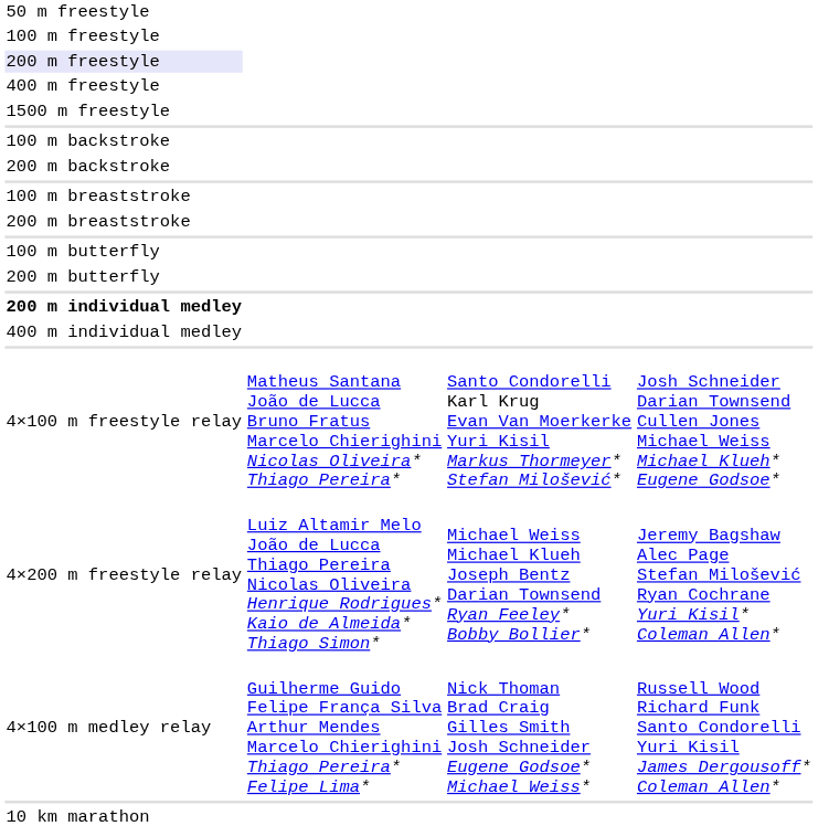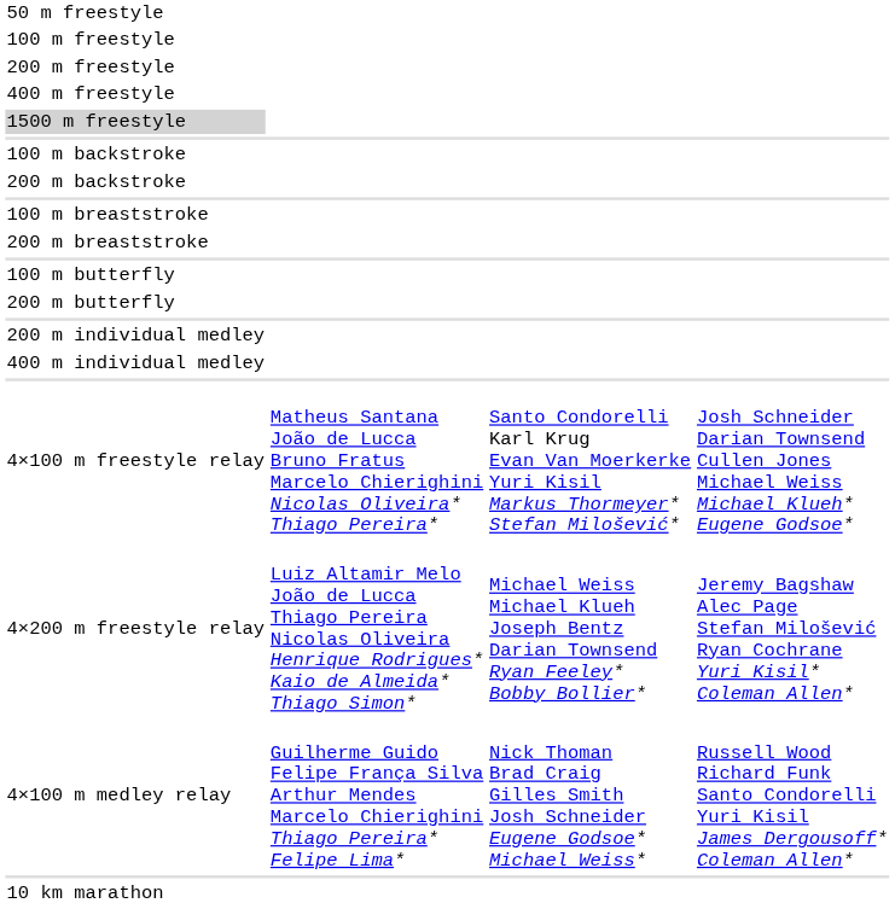 <table>
 <tr>
 <td>50 m freestyle <br></td>
 <td></td>
 <td></td>
 <td></td>
 </tr>
 <tr>
 <td>100 m freestyle <br></td>
 <td></td>
 <td></td>
 <td></td>
 </tr>
 <tr>
-<td style="background: lavender;">200 m freestyle <br></td>
+<td>200 m freestyle <br></td>
 <td></td>
 <td></td>
 <td></td>
 </tr>
 <tr>
 <td>400 m freestyle <br></td>
 <td></td>
 <td></td>
 <td></td>
 </tr>
 <tr>
-<td>1500 m freestyle <br></td>
+<td style="background: lightgrey;">1500 m freestyle <br></td>
 <td></td>
 <td></td>
 <td></td>
 </tr>
 <tr bgcolor=#DDDDDD>
 <td colspan=7></td>
 </tr>
 <tr>
 <td>100 m backstroke <br></td>
 <td></td>
 <td></td>
 <td></td>
 </tr>
 <tr>
 <td>200 m backstroke <br></td>
 <td></td>
 <td></td>
 <td></td>
 </tr>
 <tr bgcolor=#DDDDDD>
 <td colspan=7></td>
 </tr>
 <tr>
 <td>100 m breaststroke <br></td>
 <td></td>
 <td></td>
 <td></td>
 </tr>
 <tr>
 <td>200 m breaststroke <br></td>
 <td></td>
 <td></td>
 <td></td>
 </tr>
 <tr bgcolor=#DDDDDD>
 <td colspan=7></td>
 </tr>
 <tr>
 <td>100 m butterfly <br></td>
 <td></td>
 <td></td>
 <td></td>
 </tr>
 <tr>
 <td>200 m butterfly <br></td>
 <td></td>
 <td></td>
 <td></td>
 </tr>
 <tr bgcolor=#DDDDDD>
 <td colspan=7></td>
 </tr>
 <tr>
-<td><strong>200 m individual medley <br></strong></td>
+<td>200 m individual medley <br></td>
 <td></td>
 <td></td>
 <td></td>
 </tr>
 <tr>
 <td>400 m individual medley <br></td>
 <td></td>
 <td></td>
 <td></td>
 </tr>
 <tr bgcolor=#DDDDDD>
 <td colspan=7></td>
 </tr>
 <tr>
 <td>4×100 m freestyle relay <br></td>
 <td><br><a href='#'>Matheus Santana</a><br><a href='#'>João de Lucca</a><br><a href='#'>Bruno Fratus</a><br><a href='#'>Marcelo Chierighini</a><br><em><a href='#'>Nicolas Oliveira</a>*</em><br><em><a href='#'>Thiago Pereira</a>*</em></td>
 <td><br><a href='#'>Santo Condorelli</a> <br>Karl Krug<br><a href='#'>Evan Van Moerkerke</a><br><a href='#'>Yuri Kisil</a><br><em><a href='#'>Markus Thormeyer</a>*</em><br><em><a href='#'>Stefan Milošević</a>*</em></td>
 <td><br><a href='#'>Josh Schneider</a> <br><a href='#'>Darian Townsend</a><br><a href='#'>Cullen Jones</a><br><a href='#'>Michael Weiss</a><br><em><a href='#'>Michael Klueh</a>*</em><br><em><a href='#'>Eugene Godsoe</a>*</em></td>
 </tr>
 <tr>
 <td>4×200 m freestyle relay <br></td>
 <td><br><a href='#'>Luiz Altamir Melo</a><br><a href='#'>João de Lucca</a><br><a href='#'>Thiago Pereira</a><br><a href='#'>Nicolas Oliveira</a><br><em><a href='#'>Henrique Rodrigues</a>*</em><br><em><a href='#'>Kaio de Almeida</a>*</em><br><em><a href='#'>Thiago Simon</a>*</em></td>
 <td><br><a href='#'>Michael Weiss</a> <br><a href='#'>Michael Klueh</a><br><a href='#'>Joseph Bentz</a><br><a href='#'>Darian Townsend</a><br><em><a href='#'>Ryan Feeley</a>*</em><br><em><a href='#'>Bobby Bollier</a>*</em></td>
 <td><br><a href='#'>Jeremy Bagshaw</a> <br><a href='#'>Alec Page</a><br><a href='#'>Stefan Milošević</a><br><a href='#'>Ryan Cochrane</a><br><em><a href='#'>Yuri Kisil</a>*</em><br><em><a href='#'>Coleman Allen</a>*</em></td>
 </tr>
 <tr>
 <td>4×100 m medley relay <br></td>
 <td><br><a href='#'>Guilherme Guido</a><br><a href='#'>Felipe França Silva</a><br><a href='#'>Arthur Mendes</a><br><a href='#'>Marcelo Chierighini</a><br><em><a href='#'>Thiago Pereira</a>*</em><br><em><a href='#'>Felipe Lima</a>*</em></td>
 <td><br><a href='#'>Nick Thoman</a> <br><a href='#'>Brad Craig</a><br><a href='#'>Gilles Smith</a><br><a href='#'>Josh Schneider</a><br><em><a href='#'>Eugene Godsoe</a>*</em><br><em><a href='#'>Michael Weiss</a>*</em></td>
 <td><br><a href='#'>Russell Wood</a> <br><a href='#'>Richard Funk</a><br><a href='#'>Santo Condorelli</a><br><a href='#'>Yuri Kisil</a><br><em><a href='#'>James Dergousoff</a>*</em><br><em><a href='#'>Coleman Allen</a>*</em></td>
 </tr>
 <tr bgcolor=#DDDDDD>
 <td colspan=7></td>
 </tr>
 <tr>
 <td>10 km marathon <br></td>
 <td></td>
 <td></td>
 <td></td>
 </tr>
 </table>
